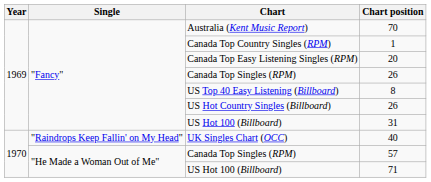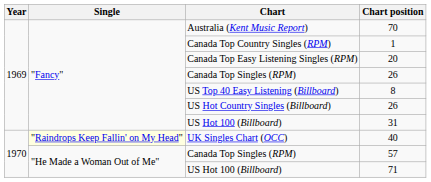 <table class="wikitable">
 <tr>
 <th style="text-align:center;">Year</th>
 <th style="text-align:center;">Single</th>
 <th style="text-align:center;">Chart</th>
 <th style="text-align:center;">Chart position</th>
 </tr>
 <tr>
 <td rowspan="7">1969</td>
 <td rowspan="7">"<a href='#'>Fancy</a>"</td>
 <td>Australia (<em><a href='#'>Kent Music Report</a></em>)</td>
 <td style="text-align:center;">70</td>
 </tr>
 <tr>
 <td>Canada Top Country Singles (<em><a href='#'>RPM</a></em>)</td>
 <td style="text-align:center;">1</td>
 </tr>
 <tr>
 <td>Canada Top Easy Listening Singles (<em>RPM</em>)</td>
 <td style="text-align:center;">20</td>
 </tr>
 <tr>
 <td>Canada Top Singles (<em>RPM</em>)</td>
 <td style="text-align:center;">26</td>
 </tr>
 <tr>
 <td>US <a href='#'>Top 40 Easy Listening</a> (<em><a href='#'>Billboard</a></em>)</td>
 <td style="text-align:center;">8</td>
 </tr>
 <tr>
 <td>US <a href='#'>Hot Country Singles</a> (<em>Billboard</em>)</td>
 <td style="text-align:center;">26</td>
 </tr>
 <tr>
 <td>US <a href='#'>Hot 100</a> (<em>Billboard</em>)</td>
 <td style="text-align:center;">31</td>
 </tr>
 <tr>
 <td rowspan="3">1970</td>
-<td>"<a href='#'>Raindrops Keep Fallin' on My Head</a>"</td>
+<td style="background: lightyellow;">"<a href='#'>Raindrops Keep Fallin' on My Head</a>"</td>
 <td><a href='#'>UK Singles Chart</a> (<em><a href='#'>OCC</a></em>)</td>
 <td style="text-align:center;">40</td>
 </tr>
 <tr>
 <td rowspan="2">"He Made a Woman Out of Me"</td>
 <td>Canada Top Singles (<em>RPM</em>)</td>
 <td style="text-align:center;">57</td>
 </tr>
 <tr>
 <td>US Hot 100 (<em>Billboard</em>)</td>
 <td style="text-align:center;">71</td>
 </tr>
 </table>
